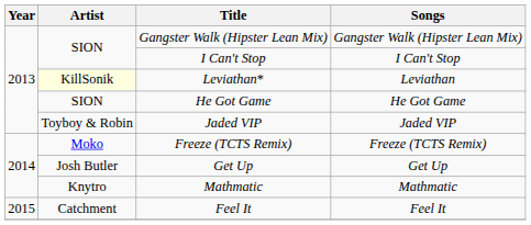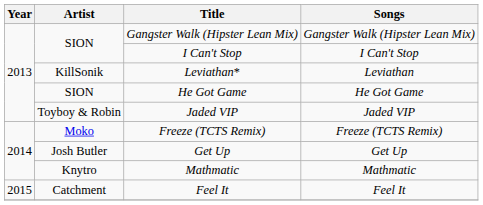 <table class="wikitable">
 <tr>
 <th>Year</th>
 <th>Artist</th>
 <th>Title</th>
 <th>Songs</th>
 </tr>
 <tr>
 <td align=center rowspan="5">2013</td>
 <td align=center rowspan="2">SION</td>
 <td align=center><em>Gangster Walk (Hipster Lean Mix)</em></td>
 <td align=center><em>Gangster Walk (Hipster Lean Mix)</em></td>
 </tr>
 <tr>
 <td align=center><em>I Can't Stop</em></td>
 <td align=center><em>I Can't Stop</em></td>
 </tr>
 <tr>
-<td align=center style="background: lightyellow;">KillSonik</td>
+<td align=center>KillSonik</td>
 <td align=center><em>Leviathan</em>*</td>
 <td align=center><em>Leviathan</em></td>
 </tr>
 <tr>
 <td align=center>SION</td>
 <td align=center><em>He Got Game</em></td>
 <td align=center><em>He Got Game</em></td>
 </tr>
 <tr>
 <td align=center>Toyboy & Robin</td>
 <td align=center><em>Jaded VIP</em></td>
 <td align=center><em>Jaded VIP</em></td>
 </tr>
 <tr>
 <td align=center rowspan="3">2014</td>
 <td align=center><a href='#'>Moko</a></td>
 <td align=center><em>Freeze (TCTS Remix)</em></td>
 <td align=center><em>Freeze (TCTS Remix)</em></td>
 </tr>
 <tr>
 <td align=center>Josh Butler</td>
 <td align=center><em>Get Up</em></td>
 <td align=center><em>Get Up</em></td>
 </tr>
 <tr>
 <td align=center>Knytro</td>
 <td align=center><em>Mathmatic</em></td>
 <td align=center><em>Mathmatic</em></td>
 </tr>
 <tr>
 <td align=center rowspan="1">2015</td>
 <td align=center>Catchment</td>
 <td align=center><em>Feel It</em></td>
 <td align=center><em>Feel It</em></td>
 </tr>
 <tr>
 </tr>
 </table>
